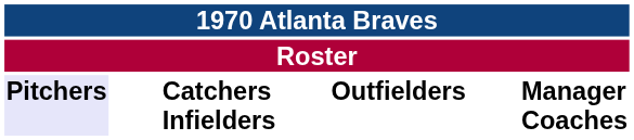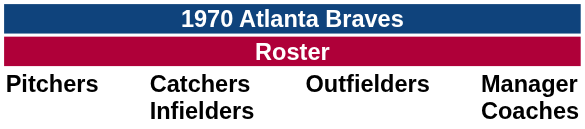 <table class="toccolours" style="font-size: 95%;">
 <tr>
 <th colspan="10" style="background-color: #0f437c; color: white; text-align: center;">1970 Atlanta Braves</th>
 </tr>
 <tr>
 <td colspan="10" style="background-color: #af0039; color: white; text-align: center;"><strong>Roster</strong></td>
 </tr>
 <tr>
-<td valign="top" style="background: lavender;"><strong>Pitchers</strong><br>                </td>
+<td valign="top"><strong>Pitchers</strong><br>                </td>
 <td width="25px"></td>
 <td valign="top"><strong>Catchers</strong><br>   <strong>Infielders</strong>         </td>
 <td width="25px"></td>
 <td valign="top"><strong>Outfielders</strong><br>       </td>
 <td width="25px"></td>
 <td valign="top"><strong>Manager</strong><br> <strong>Coaches</strong>    </td>
 </tr>
 </table>
